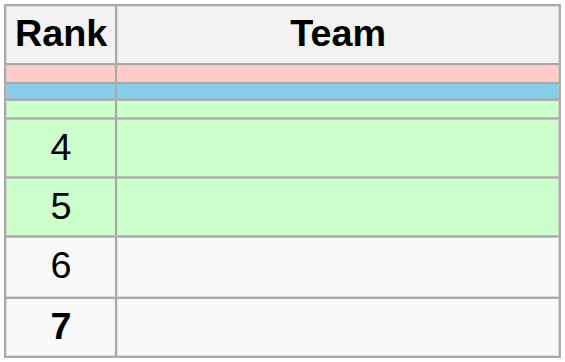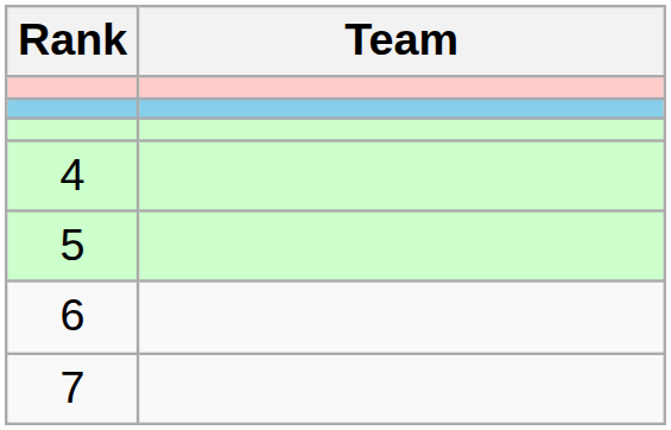 <table class="wikitable" style="text-align:center">
 <tr>
 <th width=40>Rank</th>
 <th width=180>Team</th>
 </tr>
 <tr bgcolor=#ffcccc>
 <td></td>
 <td style="text-align:left"></td>
 </tr>
 <tr bgcolor=#87ceeb>
 <td></td>
 <td style="text-align:left"></td>
 </tr>
 <tr bgcolor=#ccffcc>
 <td></td>
 <td style="text-align:left"></td>
 </tr>
 <tr bgcolor=#ccffcc>
 <td>4</td>
 <td style="text-align:left"></td>
 </tr>
 <tr bgcolor=#ccffcc>
 <td>5</td>
 <td style="text-align:left"></td>
 </tr>
 <tr>
 <td>6</td>
 <td style="text-align:left"></td>
 </tr>
 <tr>
-<td><strong>7</strong></td>
+<td>7</td>
 <td style="text-align:left"></td>
 </tr>
 </table>
